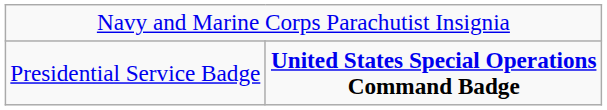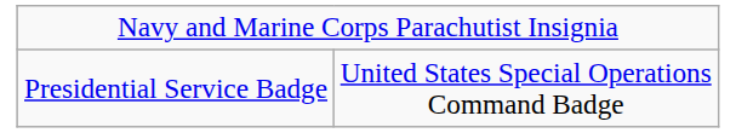 <table class="wikitable" style="margin-left: auto; margin-right: auto; text-align: center; margin-bottom: -1px;">
 <tr>
 <td colspan="3"><a href='#'>Navy and Marine Corps Parachutist Insignia</a></td>
 </tr>
 <tr>
 <td colspan="1.5" align="center"><a href='#'>Presidential Service Badge</a></td>
-<td colspan="1.5" align="center"><strong><a href='#'>United States Special Operations</a><br>Command Badge</strong></td>
+<td colspan="1.5" align="center"><a href='#'>United States Special Operations</a><br>Command Badge</td>
 </tr>
 </table>
